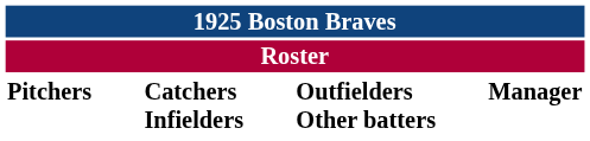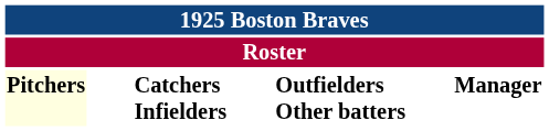 <table class="toccolours" style="font-size: 95%;">
 <tr>
 <th colspan="10" style="background-color: #0f437c; color: white; text-align: center;">1925 Boston Braves</th>
 </tr>
 <tr>
 <td colspan="10" style="background-color: #af0039; color: white; text-align: center;"><strong>Roster</strong></td>
 </tr>
 <tr>
-<td valign="top"><strong>Pitchers</strong><br>             </td>
+<td valign="top" style="background: lightyellow;"><strong>Pitchers</strong><br>             </td>
 <td width="25px"></td>
 <td valign="top"><strong>Catchers</strong><br>    <strong>Infielders</strong>           </td>
 <td width="25px"></td>
 <td valign="top"><strong>Outfielders</strong><br>        <strong>Other batters</strong> </td>
 <td width="25px"></td>
 <td valign="top"><strong>Manager</strong><br></td>
 </tr>
 </table>
